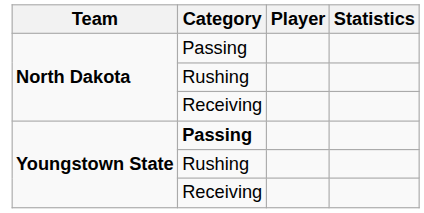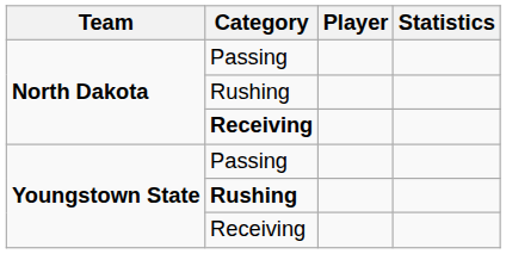 <table class="wikitable" style="float: right;">
 <tr>
 <th>Team</th>
 <th>Category</th>
 <th>Player</th>
 <th>Statistics</th>
 </tr>
 <tr>
 <td rowspan=3><strong>North Dakota</strong></td>
 <td>Passing</td>
 <td></td>
 <td></td>
 </tr>
 <tr>
 <td>Rushing</td>
 <td></td>
 <td></td>
 </tr>
 <tr>
-<td>Receiving</td>
+<td><strong>Receiving</strong></td>
 <td></td>
 <td></td>
 </tr>
 <tr>
 <td rowspan=3><strong>Youngstown State</strong></td>
-<td><strong>Passing</strong></td>
+<td>Passing</td>
 <td></td>
 <td></td>
 </tr>
 <tr>
-<td>Rushing</td>
+<td><strong>Rushing</strong></td>
 <td></td>
 <td></td>
 </tr>
 <tr>
 <td>Receiving</td>
 <td></td>
 <td></td>
 </tr>
 </table>
